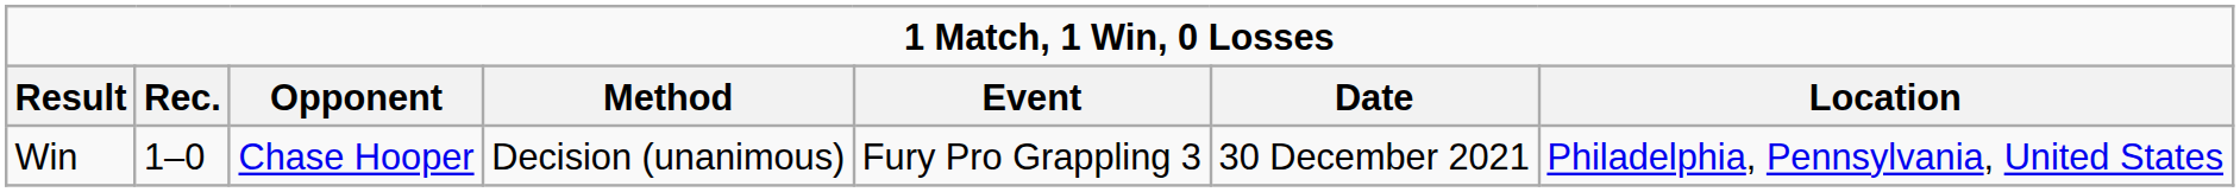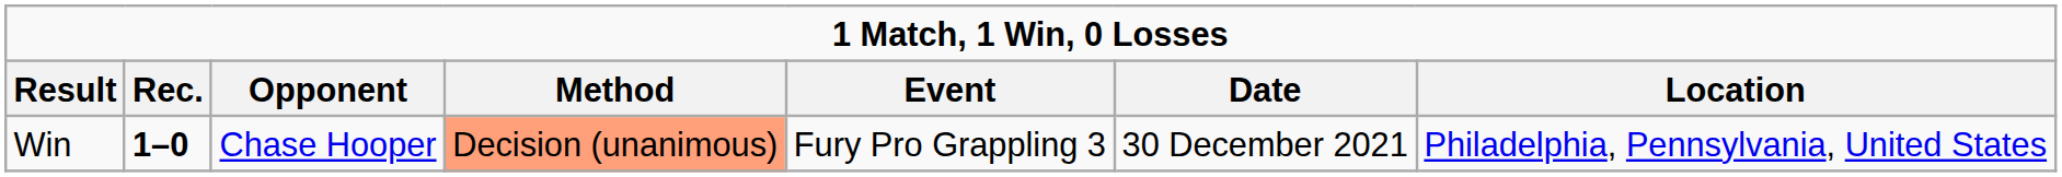 <table class="wikitable sortable" style="font-size:80%; text-align:left;">
 <tr>
 <td colspan=8 style="text-align:center;"><strong>1 Match, 1 Win, 0 Losses</strong></td>
 </tr>
 <tr>
 <th>Result</th>
 <th>Rec.</th>
 <th>Opponent</th>
 <th>Method</th>
 <th>Event</th>
 <th>Date</th>
 <th>Location</th>
 </tr>
 <tr>
 <td>Win</td>
-<td>1–0</td>
+<td><strong>1–0</strong></td>
 <td> <a href='#'>Chase Hooper</a></td>
-<td>Decision (unanimous)</td>
+<td style="background: lightsalmon;">Decision (unanimous)</td>
 <td>Fury Pro Grappling 3</td>
 <td>30 December 2021</td>
 <td><a href='#'>Philadelphia</a>, <a href='#'>Pennsylvania</a>, <a href='#'>United States</a></td>
 </tr>
 </table>
